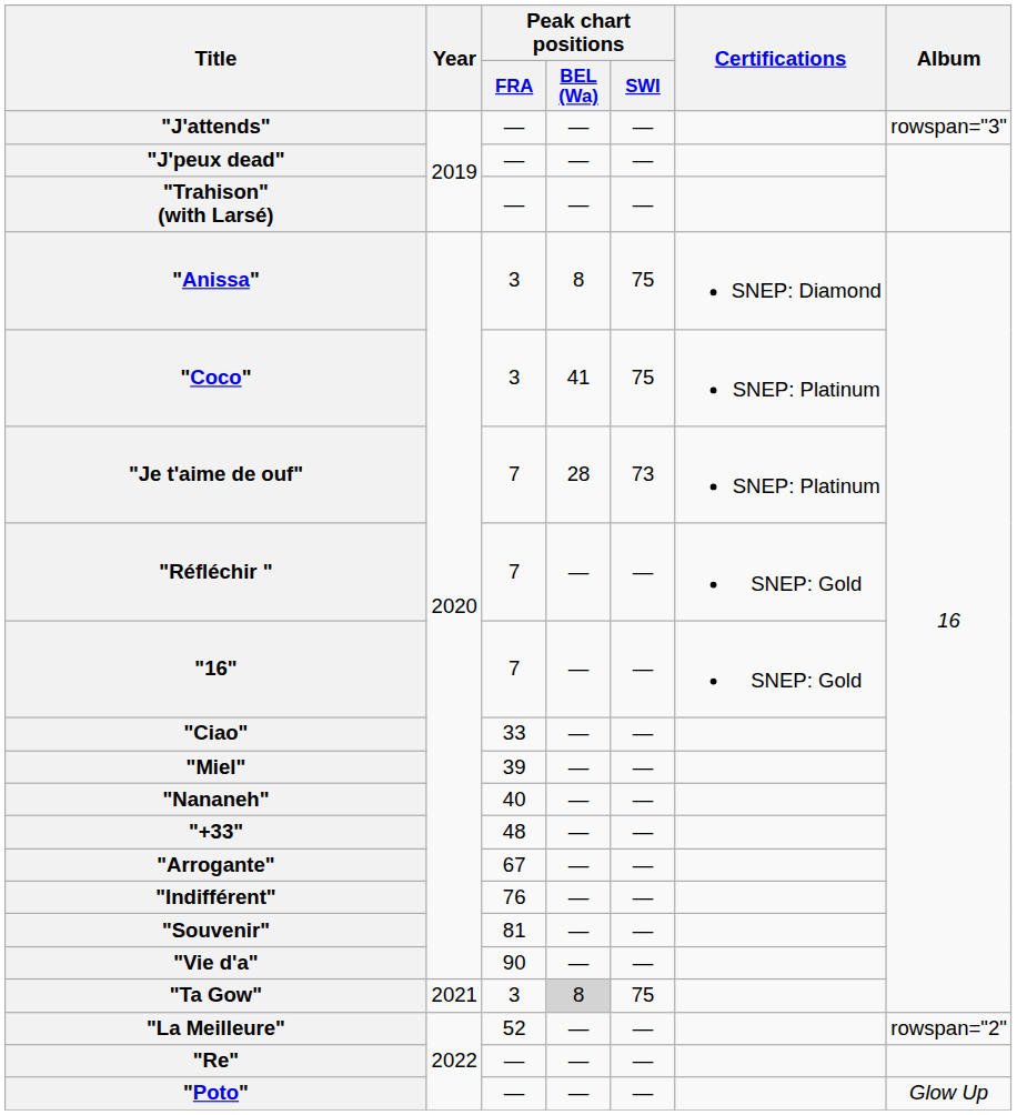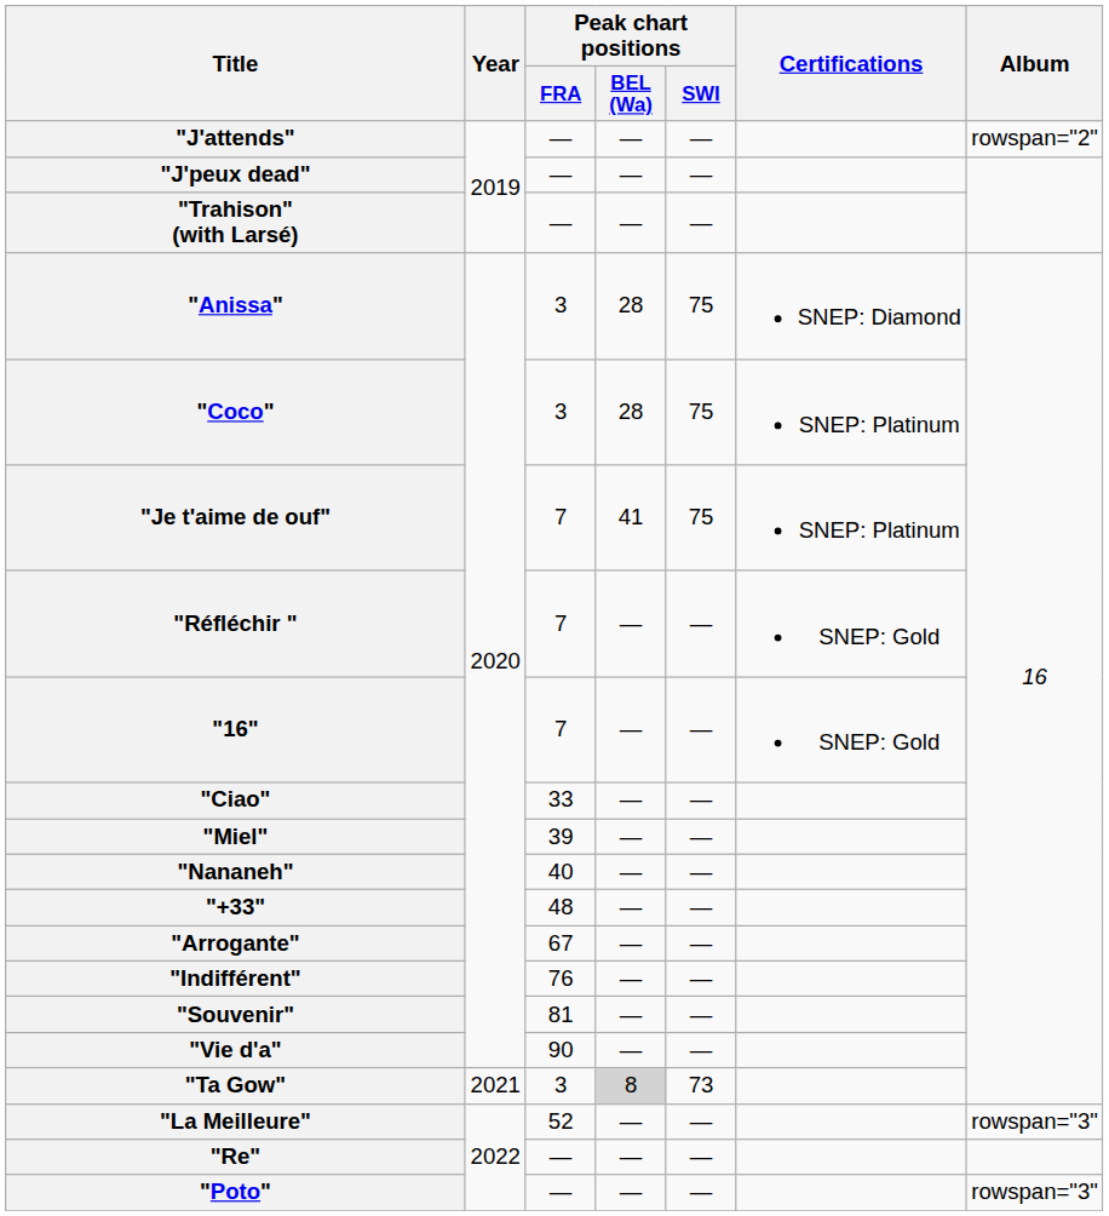 <table class="wikitable plainrowheaders" style="text-align:center;">
 <tr>
 <th scope="col" rowspan="2" style="width:20em;">Title</th>
 <th scope="col" rowspan="2">Year</th>
 <th scope="col" colspan="3">Peak chart positions</th>
 <th scope="col" rowspan="2"><a href='#'>Certifications</a></th>
 <th scope="col" rowspan="2">Album</th>
 </tr>
 <tr>
 <th scope="col" style="width:3em;font-size:90%;"><a href='#'>FRA</a><br></th>
 <th scope="col" style="width:3em;font-size:90%;"><a href='#'>BEL<br>(Wa)</a><br></th>
 <th scope="col" style="width:3em;font-size:90%;"><a href='#'>SWI</a><br></th>
 </tr>
 <tr>
 <th scope="row">"J'attends"</th>
 <td rowspan="3">2019</td>
 <td>—</td>
 <td>—</td>
 <td>—</td>
 <td></td>
-<td>rowspan="3" </td>
+<td>rowspan="2" </td>
 </tr>
 <tr>
 <th scope="row">"J'peux dead"</th>
 <td>—</td>
 <td>—</td>
 <td>—</td>
 <td></td>
 </tr>
 <tr>
 <th scope="row">"Trahison"<br><span>(with Larsé)</span></th>
 <td>—</td>
 <td>—</td>
 <td>—</td>
 <td></td>
 </tr>
 <tr>
 <th scope="row">"<a href='#'>Anissa</a>"</th>
 <td rowspan="13">2020</td>
 <td>3</td>
-<td>8</td>
+<td>28</td>
 <td>75</td>
 <td><br><ul><li>SNEP: Diamond</li></ul></td>
 <td align="center" rowspan="14"><em>16</em></td>
 </tr>
 <tr>
 <th scope="row">"<a href='#'>Coco</a>"</th>
 <td>3</td>
-<td>41</td>
+<td>28</td>
 <td>75</td>
 <td><br><ul><li>SNEP: Platinum</li></ul></td>
 </tr>
 <tr>
 <th scope="row">"Je t'aime de ouf"</th>
 <td>7</td>
-<td>28</td>
-<td>73</td>
+<td>41</td>
+<td>75</td>
 <td><br><ul><li>SNEP: Platinum</li></ul></td>
 </tr>
 <tr>
 <th scope="row">"Réfléchir "</th>
 <td>7</td>
 <td —>—</td>
 <td>—</td>
 <td><br><ul><li>SNEP: Gold</li></ul></td>
 </tr>
 <tr>
 <th scope="row">"16"</th>
 <td>7</td>
 <td —>—</td>
 <td>—</td>
 <td><br><ul><li>SNEP: Gold</li></ul></td>
 </tr>
 <tr>
 <th scope="row">"Ciao"</th>
 <td>33</td>
 <td —>—</td>
 <td>—</td>
 <td></td>
 </tr>
 <tr>
 <th scope="row">"Miel"</th>
 <td>39</td>
 <td>—</td>
 <td>—</td>
 <td></td>
 </tr>
 <tr>
 <th scope="row">"Nananeh"</th>
 <td>40</td>
 <td>—</td>
 <td>—</td>
 <td></td>
 </tr>
 <tr>
 <th scope="row">"+33"</th>
 <td>48</td>
 <td>—</td>
 <td>—</td>
 <td></td>
 </tr>
 <tr>
 <th scope="row">"Arrogante"</th>
 <td>67</td>
 <td>—</td>
 <td>—</td>
 <td></td>
 </tr>
 <tr>
 <th scope="row">"Indifférent"</th>
 <td>76</td>
 <td>—</td>
 <td>—</td>
 <td></td>
 </tr>
 <tr>
 <th scope="row">"Souvenir"</th>
 <td>81</td>
 <td>—</td>
 <td>—</td>
 <td></td>
 </tr>
 <tr>
 <th scope="row">"Vie d'a"</th>
 <td>90</td>
 <td>—</td>
 <td>—</td>
 <td></td>
 </tr>
 <tr>
 <th scope="row">"Ta Gow"</th>
 <td rowspan="1">2021</td>
 <td>3</td>
 <td style="background: lightgrey;">8</td>
-<td>75</td>
+<td>73</td>
 <td></td>
 </tr>
 <tr>
 <th scope="row">"La Meilleure"</th>
 <td rowspan="3">2022</td>
 <td>52</td>
 <td>—</td>
 <td>—</td>
 <td></td>
-<td>rowspan="2" </td>
+<td>rowspan="3" </td>
 </tr>
 <tr>
 <th scope="row">"Re"</th>
 <td>—</td>
 <td>—</td>
 <td>—</td>
 <td></td>
 </tr>
 <tr>
 <th scope="row">"<a href='#'>Poto</a>"</th>
 <td>—</td>
 <td>—</td>
 <td>—</td>
 <td></td>
-<td><em>Glow Up</em></td>
+<td>rowspan="3" </td>
 </tr>
 </table>
